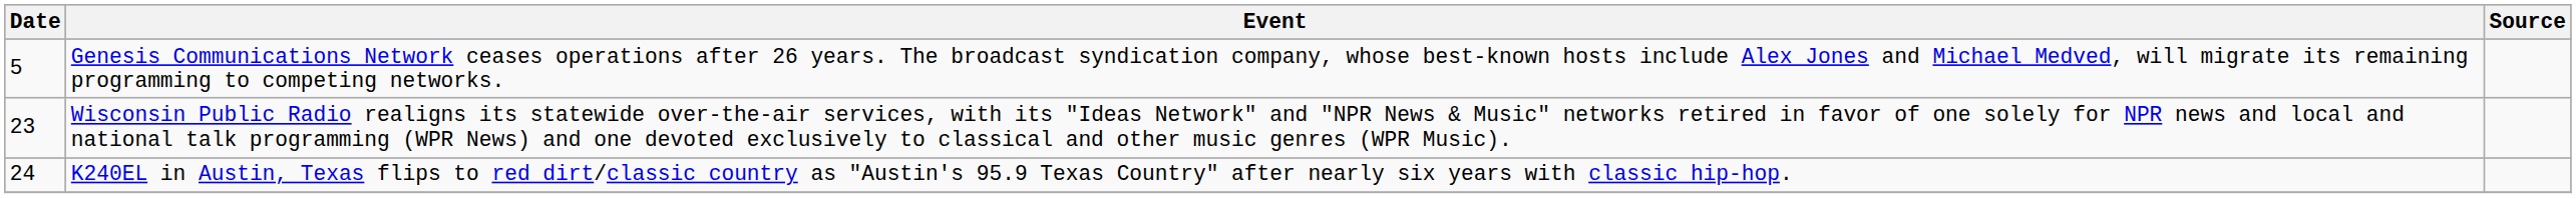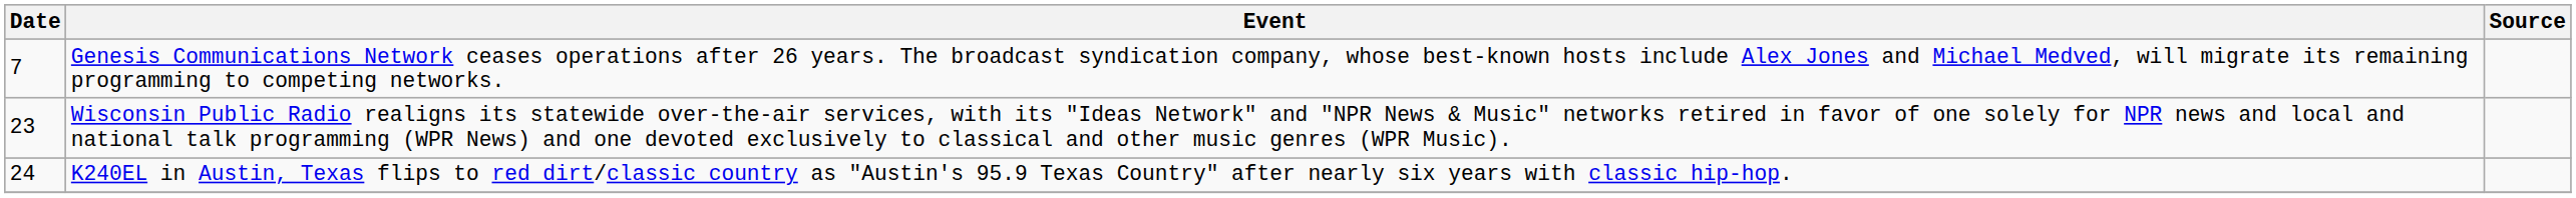 <table class=wikitable>
 <tr>
 <th>Date</th>
 <th>Event</th>
 <th>Source</th>
 </tr>
 <tr>
-<td>5</td>
+<td>7</td>
 <td><a href='#'>Genesis Communications Network</a> ceases operations after 26 years. The broadcast syndication company, whose best-known hosts include <a href='#'>Alex Jones</a> and <a href='#'>Michael Medved</a>, will migrate its remaining programming to competing networks.</td>
 <td></td>
 </tr>
 <tr>
 <td>23</td>
 <td><a href='#'>Wisconsin Public Radio</a> realigns its statewide over-the-air services, with its "Ideas Network" and "NPR News & Music" networks retired in favor of one solely for <a href='#'>NPR</a> news and local and national talk programming (WPR News) and one devoted exclusively to classical and other music genres (WPR Music).</td>
 <td></td>
 </tr>
 <tr>
 <td>24</td>
 <td><a href='#'>K240EL</a> in <a href='#'>Austin, Texas</a> flips to <a href='#'>red dirt</a>/<a href='#'>classic country</a> as "Austin's 95.9 Texas Country" after nearly six years with <a href='#'>classic hip-hop</a>.</td>
 <td></td>
 </tr>
 <tr>
 </tr>
 </table>
